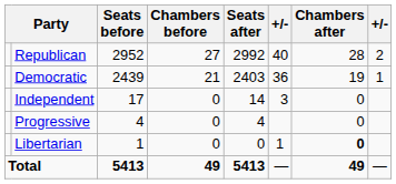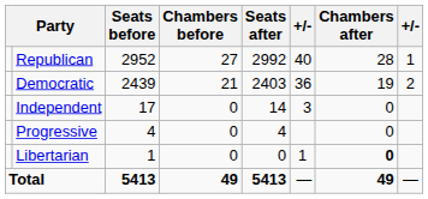 <table class="wikitable">
 <tr>
 <th colspan="2">Party</th>
 <th>Seats<br>before</th>
 <th>Chambers<br>before</th>
 <th>Seats<br>after</th>
 <th>+/-</th>
 <th>Chambers<br>after</th>
 <th>+/-</th>
 </tr>
 <tr>
 <td style="background:"></td>
 <td><a href='#'>Republican</a></td>
 <td align="right">2952</td>
 <td align="right">27</td>
 <td align="right">2992</td>
 <td align="right"> 40</td>
 <td align="right">28</td>
-<td align="center"> 2</td>
+<td align="center"> 1</td>
 </tr>
 <tr>
 <td style="background:"></td>
 <td><a href='#'>Democratic</a></td>
 <td align="right">2439</td>
 <td align="right">21</td>
 <td align="right">2403</td>
 <td align="right"> 36</td>
 <td align="right">19</td>
-<td align="center"> 1</td>
+<td align="center"> 2</td>
 </tr>
 <tr>
 <td style="background:"></td>
 <td><a href='#'>Independent</a></td>
 <td align="right">17</td>
 <td align="right">0</td>
 <td align="right">14</td>
 <td align="right"> 3</td>
 <td align="right">0</td>
 <td align="center"></td>
 </tr>
 <tr>
 <td style="background:"></td>
 <td><a href='#'>Progressive</a></td>
 <td align="right">4</td>
 <td align="right">0</td>
 <td align="right">4</td>
 <td align="center"></td>
 <td align="right">0</td>
 <td align="center"></td>
 </tr>
 <tr>
 <td style="background:"></td>
 <td><a href='#'>Libertarian</a></td>
 <td align="right">1</td>
 <td align="right">0</td>
 <td align="right">0</td>
 <td align="center"> 1</td>
 <td align="right"><strong>0</strong></td>
 <td align="center"></td>
 </tr>
 <tr>
 <td colspan="2"><strong>Total</strong></td>
 <td align="right"><strong>5413</strong></td>
 <td align="right"><strong>49</strong></td>
 <td align="right"><strong>5413</strong></td>
 <td align="right">—</td>
 <td align="right"><strong>49</strong></td>
 <td align="center">—</td>
 </tr>
 </table>
